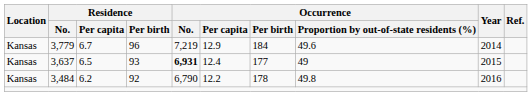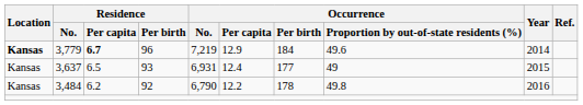 <table class="wikitable">
 <tr>
 <th rowspan="2">Location</th>
 <th colspan="3">Residence</th>
 <th colspan="4">Occurrence</th>
 <th rowspan="2">Year</th>
 <th rowspan="2">Ref.</th>
 </tr>
 <tr>
 <th>No.</th>
 <th>Per capita</th>
 <th>Per birth</th>
 <th>No.</th>
 <th>Per capita</th>
 <th>Per birth</th>
 <th>Proportion by out-of-state residents (%)</th>
 </tr>
 <tr>
-<td>Kansas</td>
+<td><strong>Kansas</strong></td>
 <td>3,779</td>
-<td>6.7</td>
+<td><strong>6.7</strong></td>
 <td>96</td>
 <td>7,219</td>
 <td>12.9</td>
 <td>184</td>
 <td>49.6</td>
 <td>2014</td>
 <td></td>
 </tr>
 <tr>
 <td>Kansas</td>
 <td>3,637</td>
 <td>6.5</td>
 <td>93</td>
-<td><strong>6,931</strong></td>
+<td>6,931</td>
 <td>12.4</td>
 <td>177</td>
 <td>49</td>
 <td>2015</td>
 <td></td>
 </tr>
 <tr>
 <td>Kansas</td>
 <td>3,484</td>
 <td>6.2</td>
 <td>92</td>
 <td>6,790</td>
 <td>12.2</td>
 <td>178</td>
 <td>49.8</td>
 <td>2016</td>
 <td></td>
 </tr>
 <tr>
 <td colspan="10"></td>
 </tr>
 </table>
